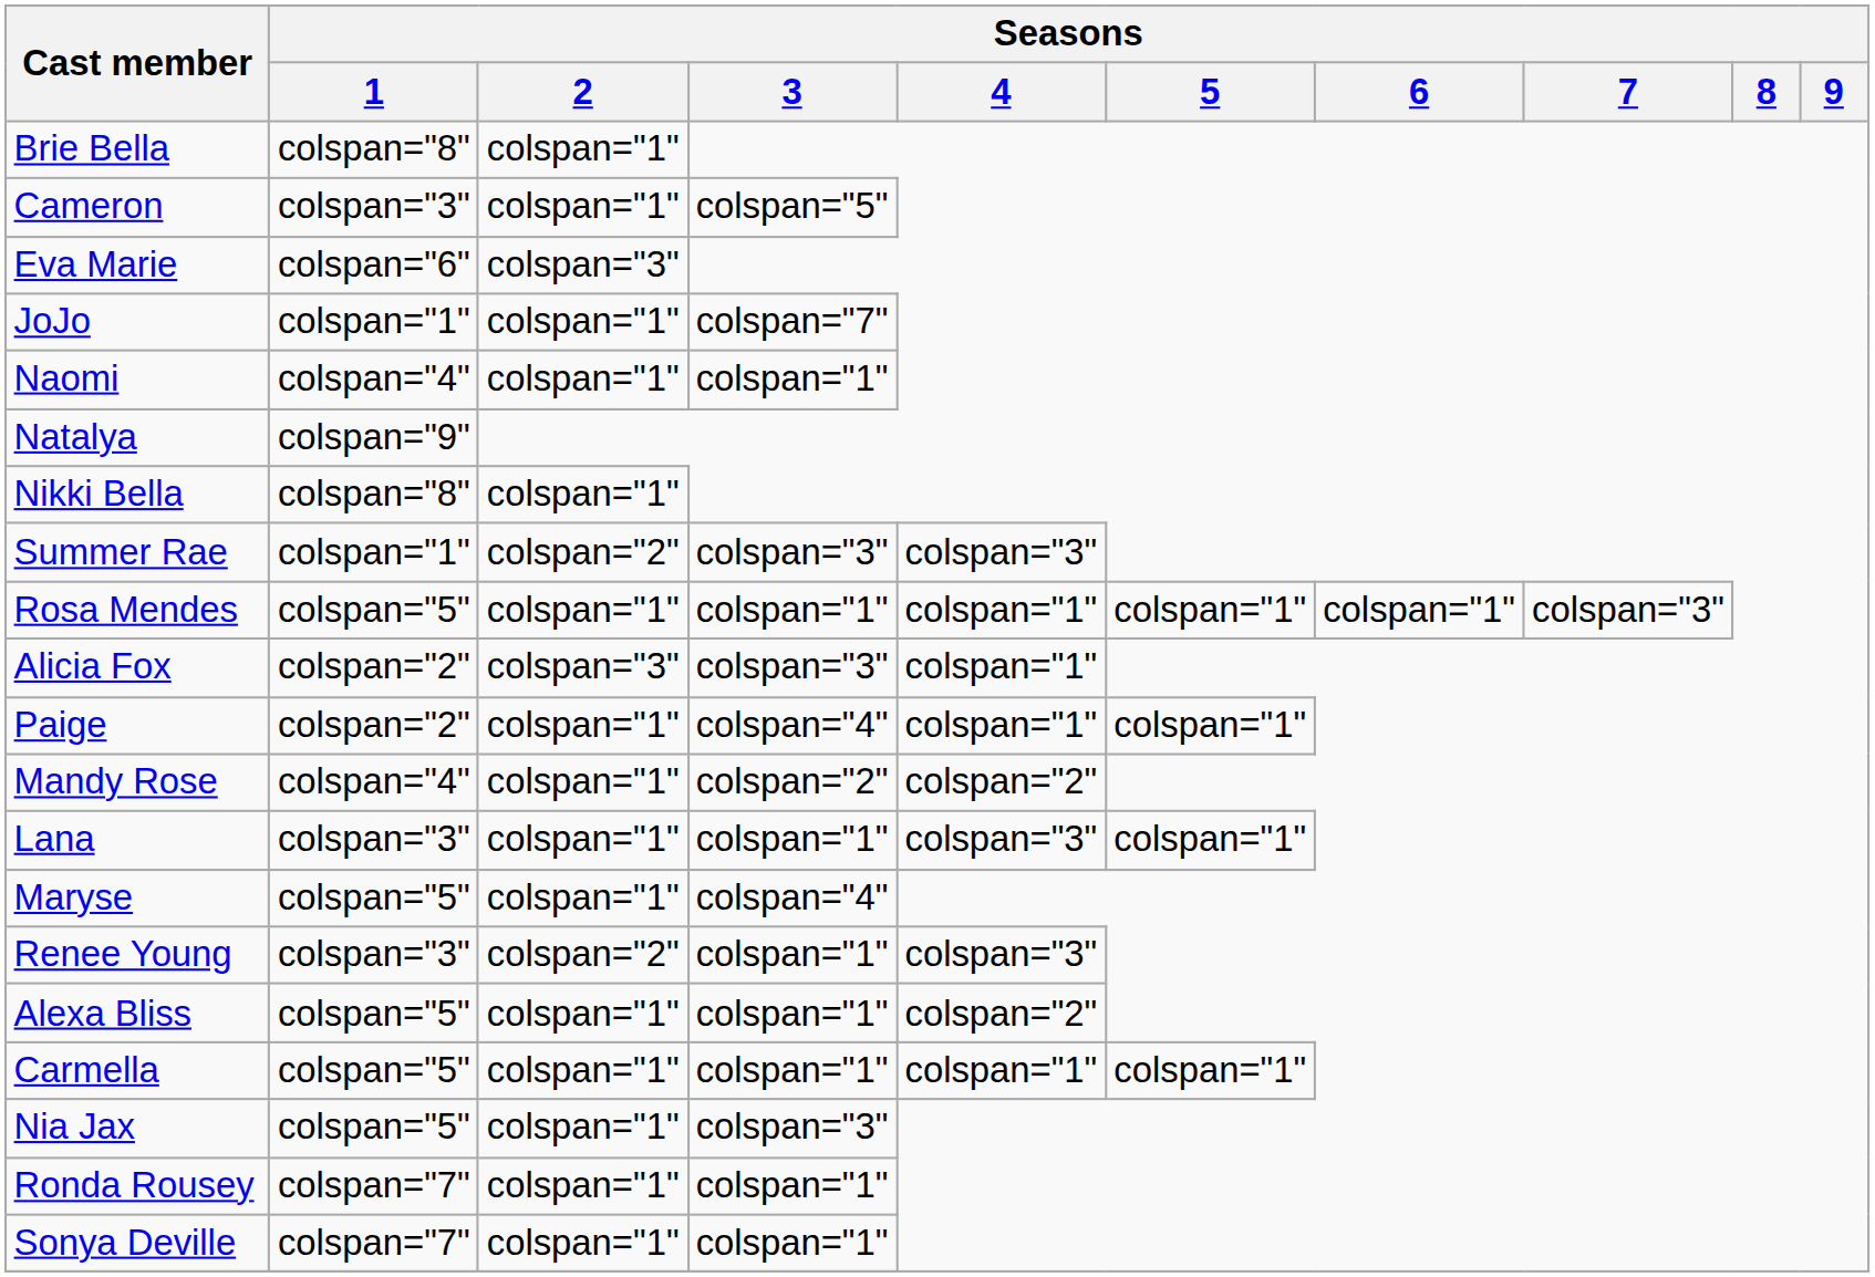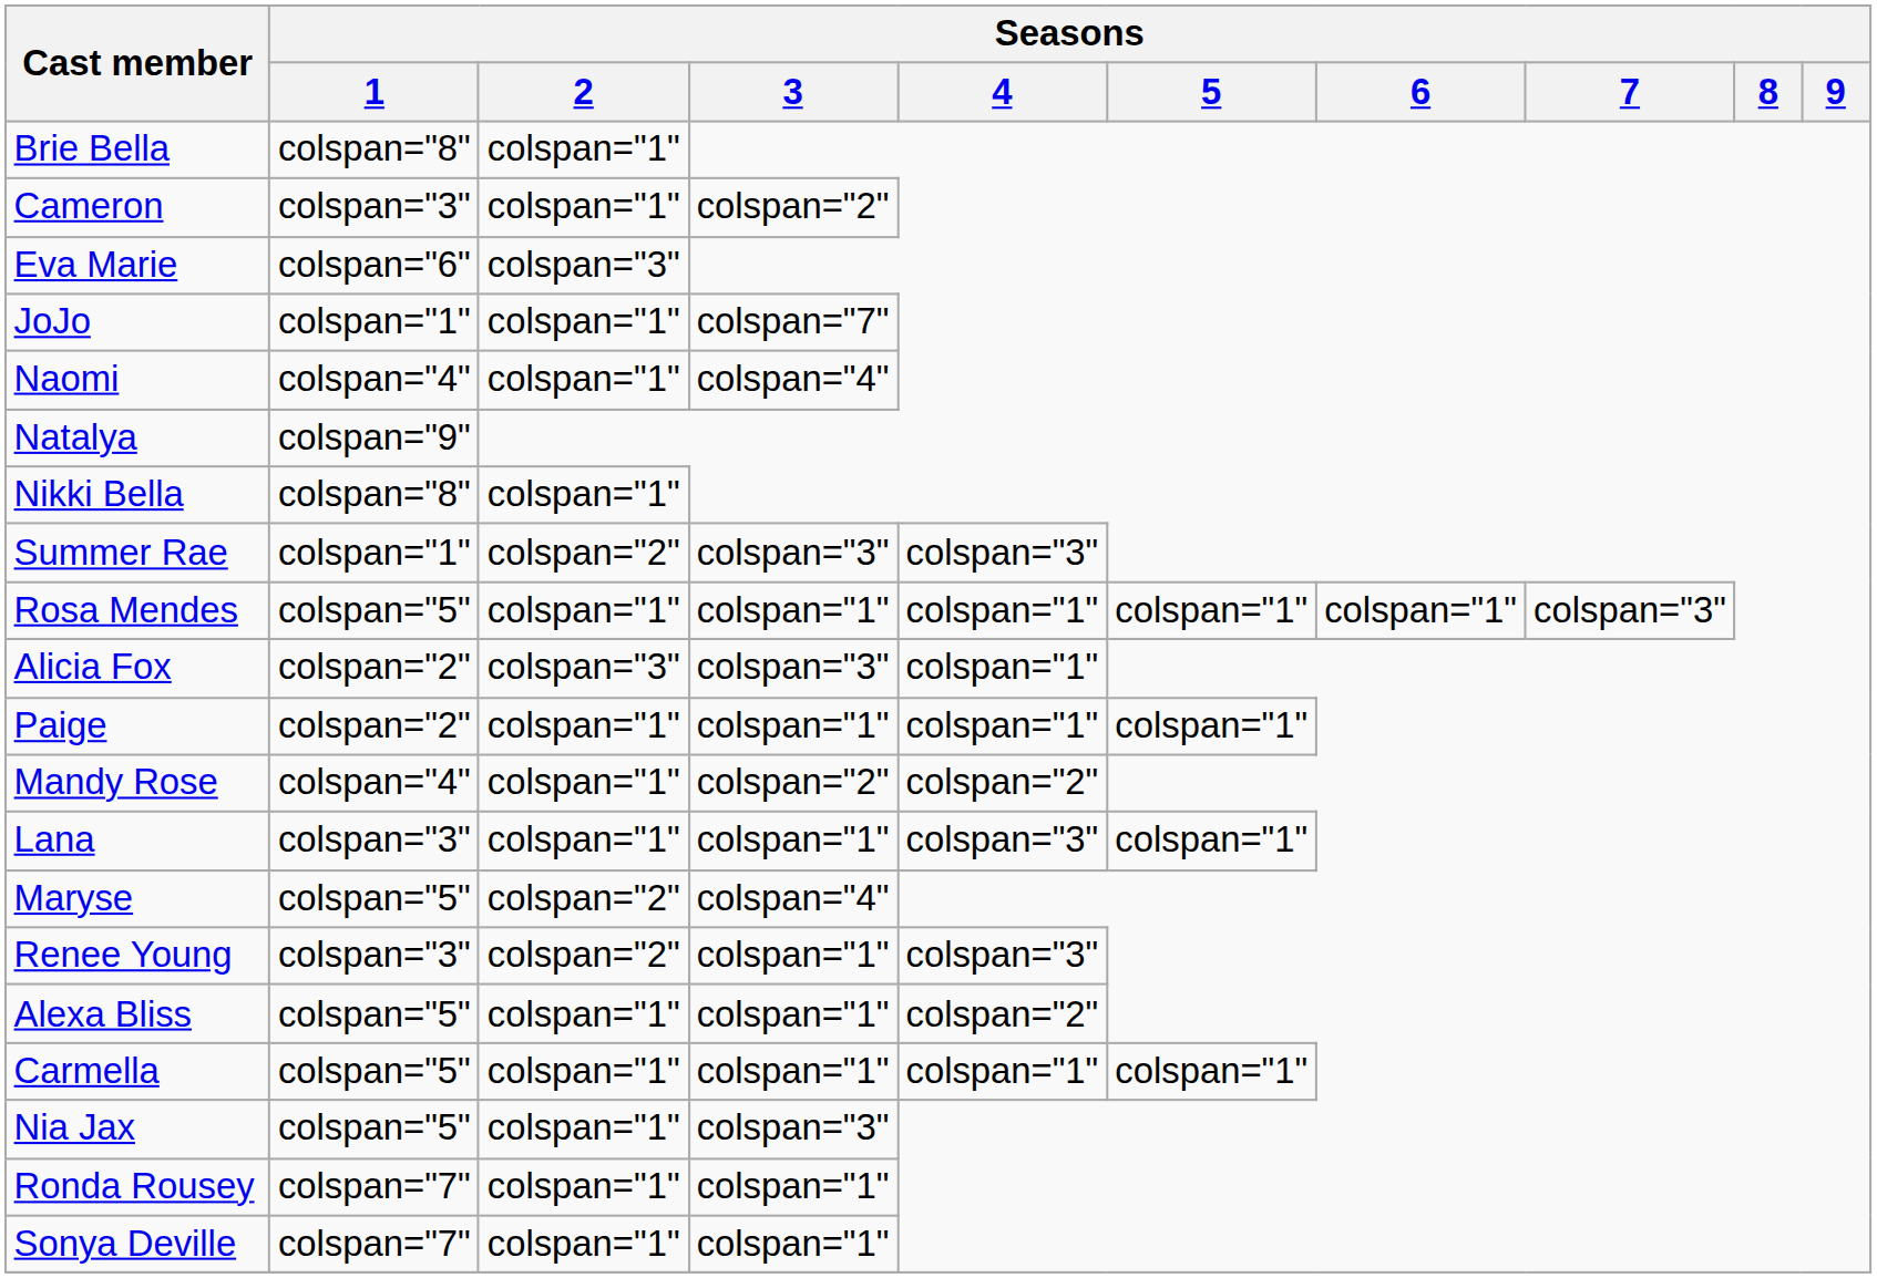 <table class="wikitable plainrowheaders" width="65%">
 <tr>
 <th scope="col" rowspan="2" style="width:25%;">Cast member</th>
 <th scope="col" colspan="9">Seasons</th>
 </tr>
 <tr>
 <th scope="col" style="width:7%;"><a href='#'>1</a></th>
 <th scope="col" style="width:7%;"><a href='#'>2</a></th>
 <th scope="col" style="width:7%;"><a href='#'>3</a></th>
 <th scope="col" style="width:7%;"><a href='#'>4</a></th>
 <th scope="col" style="width:7%;"><a href='#'>5</a></th>
 <th scope="col" style="width:7%;"><a href='#'>6</a></th>
 <th scope="col" style="width:7%;"><a href='#'>7</a></th>
 <th scope="col" style="width:7%;"><a href='#'>8</a></th>
 <th scope="col" style="width:7%;"><a href='#'>9</a></th>
 </tr>
 <tr>
 <td scope="row"><a href='#'>Brie Bella</a></td>
 <td>colspan="8" </td>
 <td>colspan="1" </td>
 </tr>
 <tr>
 <td scope="row"><a href='#'>Cameron</a></td>
 <td>colspan="3" </td>
 <td>colspan="1" </td>
-<td>colspan="5" </td>
+<td>colspan="2" </td>
 </tr>
 <tr>
 <td scope="row"><a href='#'>Eva Marie</a></td>
 <td>colspan="6" </td>
 <td>colspan="3" </td>
 </tr>
 <tr>
 <td scope="row"><a href='#'>JoJo</a></td>
 <td>colspan="1" </td>
 <td>colspan="1" </td>
 <td>colspan="7" </td>
 </tr>
 <tr>
 <td scope="row"><a href='#'>Naomi</a></td>
 <td>colspan="4" </td>
 <td>colspan="1" </td>
-<td>colspan="1" </td>
+<td>colspan="4" </td>
 </tr>
 <tr>
 <td scope="row"><a href='#'>Natalya</a></td>
 <td>colspan="9" </td>
 </tr>
 <tr>
 <td scope="row"><a href='#'>Nikki Bella</a></td>
 <td>colspan="8" </td>
 <td>colspan="1" </td>
 </tr>
 <tr>
 <td scope="row"><a href='#'>Summer Rae</a></td>
 <td>colspan="1" </td>
 <td>colspan="2" </td>
 <td>colspan="3" </td>
 <td>colspan="3" </td>
 </tr>
 <tr>
 <td scope="row"><a href='#'>Rosa Mendes</a></td>
 <td>colspan="5" </td>
 <td>colspan="1" </td>
 <td>colspan="1" </td>
 <td>colspan="1" </td>
 <td>colspan="1" </td>
 <td>colspan="1" </td>
 <td>colspan="3" </td>
 </tr>
 <tr>
 <td scope="row"><a href='#'>Alicia Fox</a></td>
 <td>colspan="2" </td>
 <td>colspan="3" </td>
 <td>colspan="3" </td>
 <td>colspan="1" </td>
 </tr>
 <tr>
 <td scope="row"><a href='#'>Paige</a></td>
 <td>colspan="2" </td>
 <td>colspan="1" </td>
-<td>colspan="4" </td>
+<td>colspan="1" </td>
 <td>colspan="1" </td>
 <td>colspan="1" </td>
 </tr>
 <tr>
 <td scope="row"><a href='#'>Mandy Rose</a></td>
 <td>colspan="4" </td>
 <td>colspan="1" </td>
 <td>colspan="2" </td>
 <td>colspan="2" </td>
 </tr>
 <tr>
 <td scope="row"><a href='#'>Lana</a></td>
 <td>colspan="3" </td>
 <td>colspan="1" </td>
 <td>colspan="1" </td>
 <td>colspan="3" </td>
 <td>colspan="1" </td>
 </tr>
 <tr>
 <td scope="row"><a href='#'>Maryse</a></td>
 <td>colspan="5" </td>
-<td>colspan="1" </td>
+<td>colspan="2" </td>
 <td>colspan="4" </td>
 </tr>
 <tr>
 <td scope="row"><a href='#'>Renee Young</a></td>
 <td>colspan="3" </td>
 <td>colspan="2" </td>
 <td>colspan="1" </td>
 <td>colspan="3" </td>
 </tr>
 <tr>
 <td scope="row"><a href='#'>Alexa Bliss</a></td>
 <td>colspan="5" </td>
 <td>colspan="1" </td>
 <td>colspan="1" </td>
 <td>colspan="2" </td>
 </tr>
 <tr>
 <td scope="row"><a href='#'>Carmella</a></td>
 <td>colspan="5" </td>
 <td>colspan="1" </td>
 <td>colspan="1" </td>
 <td>colspan="1" </td>
 <td>colspan="1" </td>
 </tr>
 <tr>
 <td scope="row"><a href='#'>Nia Jax</a></td>
 <td>colspan="5" </td>
 <td>colspan="1" </td>
 <td>colspan="3" </td>
 </tr>
 <tr>
 <td scope="row"><a href='#'>Ronda Rousey</a></td>
 <td>colspan="7" </td>
 <td>colspan="1" </td>
 <td>colspan="1" </td>
 </tr>
 <tr>
 <td scope="row"><a href='#'>Sonya Deville</a></td>
 <td>colspan="7" </td>
 <td>colspan="1" </td>
 <td>colspan="1" </td>
 </tr>
 <tr>
 </tr>
 </table>
